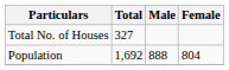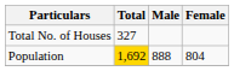 <table class="wikitable sortable">
 <tr>
 <th>Particulars</th>
 <th>Total</th>
 <th>Male</th>
 <th>Female</th>
 </tr>
 <tr>
 <td>Total No. of Houses</td>
 <td>327</td>
 <td></td>
 <td></td>
 </tr>
 <tr>
 <td>Population</td>
-<td>1,692</td>
+<td style="background: gold;">1,692</td>
 <td>888</td>
 <td>804</td>
 </tr>
 <tr>
 </tr>
 </table>
